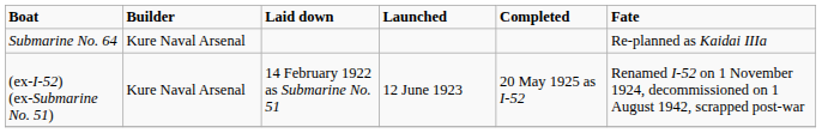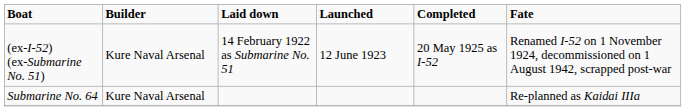 <table class="wikitable">
 <tr>
 <td width="8%"><strong>Boat</strong></td>
 <td width="10%"><strong>Builder</strong></td>
 <td width="8%"><strong>Laid down</strong></td>
 <td width="8%"><strong>Launched</strong></td>
 <td width="6%"><strong>Completed</strong></td>
 <td width="15%"><strong>Fate</strong></td>
 </tr>
 <tr>
+<td><br>(ex-<em>I-52</em>)<br>(ex-<em>Submarine No. 51</em>)</td>
+<td>Kure Naval Arsenal</td>
+<td>14 February 1922 as <em>Submarine No. 51</em></td>
+<td>12 June 1923</td>
+<td>20 May 1925 as <em>I-52</em></td>
+<td>Renamed <em>I-52</em> on 1 November 1924, decommissioned on 1 August 1942, scrapped post-war</td>
+</tr>
+<tr>
 <td><em>Submarine No. 64</em></td>
 <td>Kure Naval Arsenal</td>
 <td></td>
 <td></td>
 <td></td>
 <td>Re-planned as <em>Kaidai IIIa</em></td>
 </tr>
 <tr>
-<td><br>(ex-<em>I-52</em>)<br>(ex-<em>Submarine No. 51</em>)</td>
-<td>Kure Naval Arsenal</td>
-<td>14 February 1922 as <em>Submarine No. 51</em></td>
-<td>12 June 1923</td>
-<td>20 May 1925 as <em>I-52</em></td>
-<td>Renamed <em>I-52</em> on 1 November 1924, decommissioned on 1 August 1942, scrapped post-war</td>
-</tr>
-<tr>
 </tr>
 </table>
